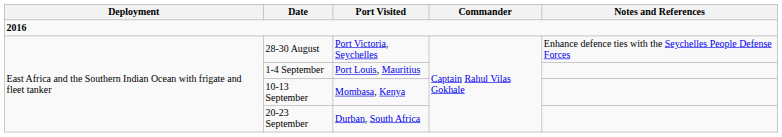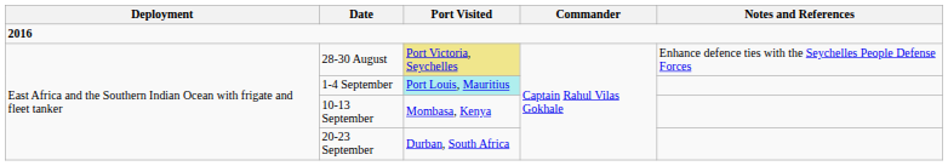 <table class="wikitable">
 <tr>
 <th>Deployment</th>
 <th>Date</th>
 <th>Port Visited</th>
 <th>Commander</th>
 <th>Notes and References</th>
 </tr>
 <tr>
 <td colspan="5"><strong>2016</strong></td>
 </tr>
 <tr>
 <td rowspan="4">East Africa and the Southern Indian Ocean with frigate  and fleet tanker </td>
 <td>28-30 August</td>
-<td><a href='#'>Port Victoria</a>, <a href='#'>Seychelles</a></td>
+<td style="background: khaki;"><a href='#'>Port Victoria</a>, <a href='#'>Seychelles</a></td>
 <td rowspan="4"><a href='#'>Captain</a> <a href='#'>Rahul Vilas Gokhale</a></td>
 <td>Enhance defence ties with the <a href='#'>Seychelles People Defense Forces</a></td>
 </tr>
 <tr>
 <td>1-4 September</td>
-<td><a href='#'>Port Louis</a>, <a href='#'>Mauritius</a></td>
+<td style="background: paleturquoise;"><a href='#'>Port Louis</a>, <a href='#'>Mauritius</a></td>
 <td></td>
 </tr>
 <tr>
 <td>10-13 September</td>
 <td><a href='#'>Mombasa</a>, <a href='#'>Kenya</a></td>
 <td></td>
 </tr>
 <tr>
 <td>20-23 September</td>
 <td><a href='#'>Durban</a>, <a href='#'>South Africa</a></td>
 <td></td>
 </tr>
 </table>
